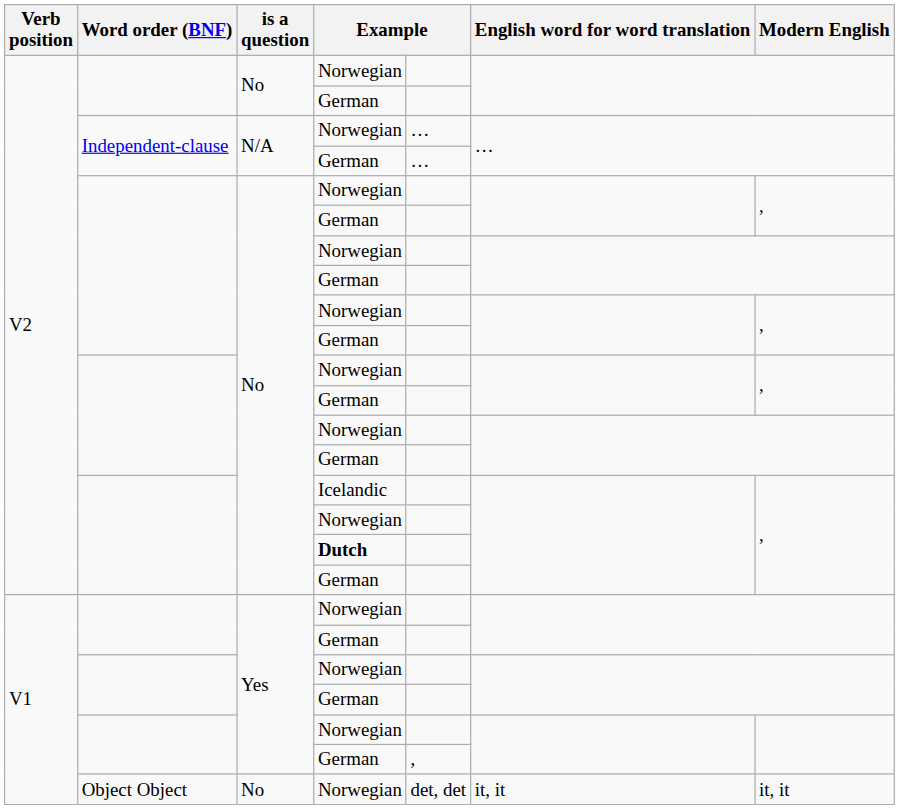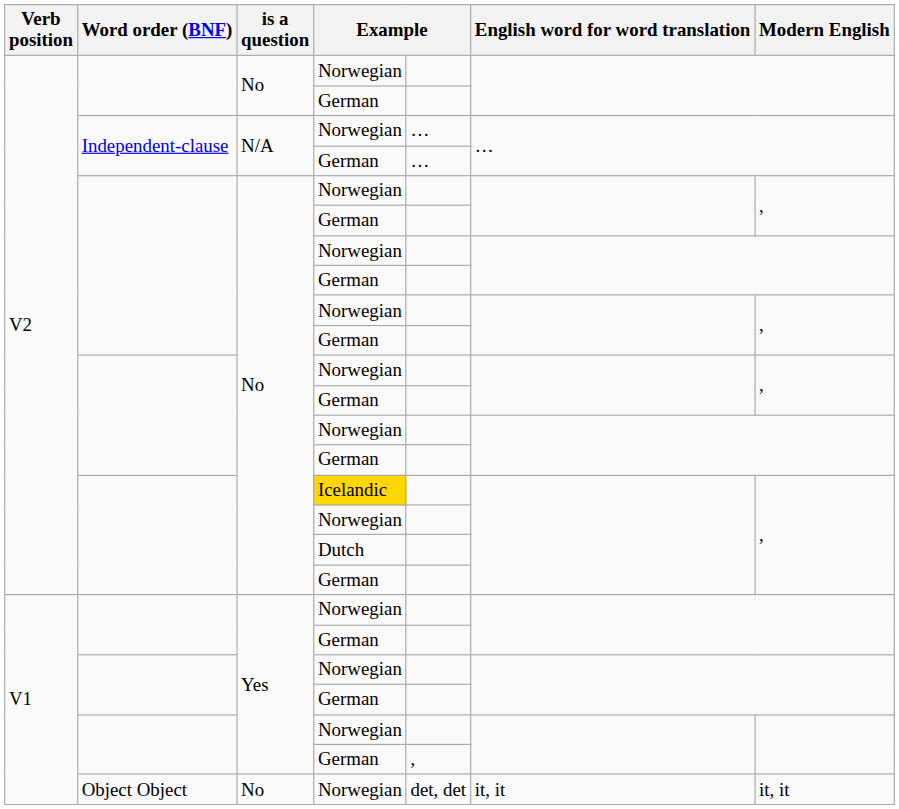 <table class="wikitable">
 <tr>
 <th>Verb<br>posi­tion</th>
 <th>Word order (<a href='#'>BNF</a>)</th>
 <th>is a<br>ques­tion</th>
 <th colspan="2">Example</th>
 <th>English word for word translation</th>
 <th>Modern English</th>
 </tr>
 <tr>
 <td rowspan="18">V2</td>
 <td rowspan="2"> </td>
 <td rowspan="2">No</td>
 <td>Norwegian</td>
 <td> </td>
 <td rowspan="2" colspan="2"> </td>
 </tr>
 <tr>
 <td>German</td>
 <td> </td>
 </tr>
 <tr>
 <td rowspan="2"><a href='#'>Independent-clause</a>   </td>
 <td rowspan="2">N/A</td>
 <td>Norwegian</td>
 <td>…   </td>
 <td rowspan="2" colspan="2">…   </td>
 </tr>
 <tr>
 <td>German</td>
 <td>…   </td>
 </tr>
 <tr>
 <td rowspan="6"> <em> </em></td>
 <td rowspan="14">No</td>
 <td>Norwegian</td>
 <td> <em> </em></td>
 <td rowspan="2"> <em> </em></td>
 <td rowspan="2">, <em> </em></td>
 </tr>
 <tr>
 <td>German</td>
 <td> <em> </em></td>
 </tr>
 <tr>
 <td>Norwegian</td>
 <td> <em> </em></td>
 <td rowspan="2" colspan="2"> <em> </em></td>
 </tr>
 <tr>
 <td>German</td>
 <td> <em> </em></td>
 </tr>
 <tr>
 <td>Norwegian</td>
 <td> <em> </em></td>
 <td rowspan="2"> <em> </em></td>
 <td rowspan="2">,   </td>
 </tr>
 <tr>
 <td>German</td>
 <td> <em> </em></td>
 </tr>
 <tr>
 <td rowspan="4"> <em> </em></td>
 <td>Norwegian</td>
 <td> <em> </em></td>
 <td rowspan="2"> <em> </em></td>
 <td rowspan="2">, <em> </em></td>
 </tr>
 <tr>
 <td>German</td>
 <td> <em> </em></td>
 </tr>
 <tr>
 <td>Norwegian</td>
 <td> <em> </em></td>
 <td rowspan="2" colspan="2"> <em> </em></td>
 </tr>
 <tr>
 <td>German</td>
 <td> <em> </em></td>
 </tr>
 <tr>
 <td rowspan="4"> <em> </em></td>
-<td>Icelandic</td>
+<td style="background: gold;">Icelandic</td>
 <td> <em> </em></td>
 <td rowspan="4"> <em> </em></td>
 <td rowspan="4">, <em> </em></td>
 </tr>
 <tr>
 <td>Norwegian</td>
 <td> <em> </em></td>
 </tr>
 <tr>
-<td><strong>Dutch</strong></td>
+<td>Dutch</td>
 <td> <em> </em></td>
 </tr>
 <tr>
 <td>German</td>
 <td> <em> </em></td>
 </tr>
 <tr>
 <td rowspan="7">V1</td>
 <td rowspan="2"><em> </em></td>
 <td rowspan="6">Yes</td>
 <td>Norwegian</td>
 <td><em> </em></td>
 <td rowspan="2" colspan="2"><em> </em></td>
 </tr>
 <tr>
 <td>German</td>
 <td><em> </em></td>
 </tr>
 <tr>
 <td rowspan="2"> <em> </em></td>
 <td>Norwegian</td>
 <td> <em> </em></td>
 <td rowspan="2" colspan="2"> <em> </em></td>
 </tr>
 <tr>
 <td>German</td>
 <td> <em> </em></td>
 </tr>
 <tr>
 <td rowspan="2"><em> </em>   </td>
 <td>Norwegian</td>
 <td><em> </em>   </td>
 <td rowspan="2"><em> </em>   </td>
 <td rowspan="2"><em> </em>    </td>
 </tr>
 <tr>
 <td>German</td>
 <td><em> </em>,   </td>
 </tr>
 <tr>
 <td><em> </em>  Object <em> </em>  Object</td>
 <td>No</td>
 <td>Norwegian</td>
 <td><em> </em>  det, <em> </em>  det</td>
 <td><em> </em>  it, <em> </em>  it</td>
 <td><em> </em>  it,    it</td>
 </tr>
 <tr>
 </tr>
 </table>
